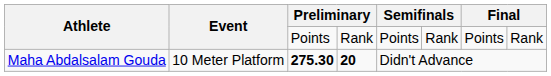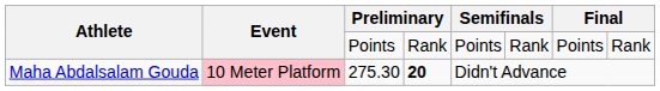 <table class="wikitable">
 <tr>
 <th rowspan="2">Athlete</th>
 <th rowspan="2">Event</th>
 <th colspan="2">Preliminary</th>
 <th colspan="2">Semifinals</th>
 <th colspan="2">Final</th>
 </tr>
 <tr>
 <td>Points</td>
 <td>Rank</td>
 <td>Points</td>
 <td>Rank</td>
 <td>Points</td>
 <td>Rank</td>
 </tr>
 <tr>
 <td><a href='#'>Maha Abdalsalam Gouda</a></td>
-<td>10 Meter Platform</td>
-<td><strong>275.30</strong></td>
+<td style="background: pink;">10 Meter Platform</td>
+<td>275.30</td>
 <td><strong>20</strong></td>
 <td colspan="4">Didn't Advance</td>
 </tr>
 </table>
